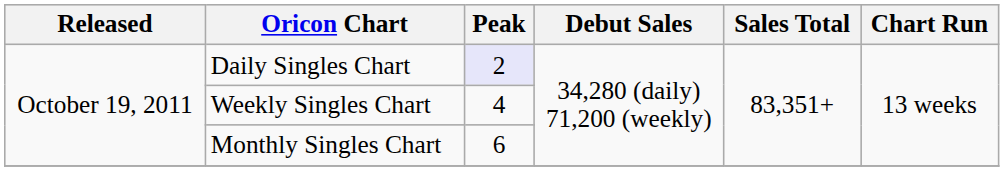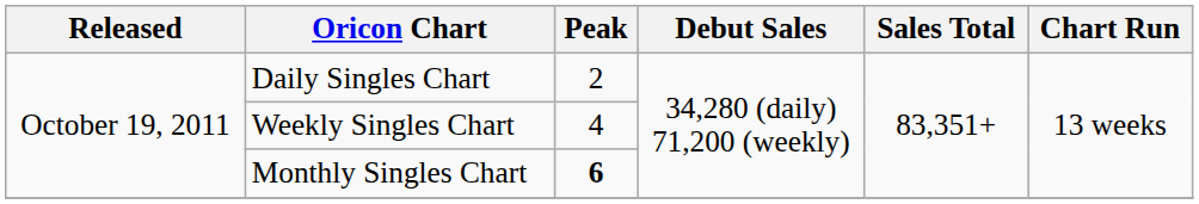 <table class="wikitable" style="width:630px;">
 <tr>
 <th style="text-align:center;">Released</th>
 <th style="text-align:center;"><a href='#'>Oricon</a> Chart</th>
 <th style="text-align:center;">Peak</th>
 <th style="text-align:center;">Debut Sales</th>
 <th style="text-align:center;">Sales Total</th>
 <th style="text-align:center;">Chart Run</th>
 </tr>
 <tr>
 <td style="text-align:center;" rowspan="3">October 19, 2011</td>
 <td align="left">Daily Singles Chart</td>
-<td style="background: lavender; text-align:center;">2</td>
+<td style="text-align:center;">2</td>
 <td style="text-align:center;" rowspan="3">34,280 (daily)<br>71,200 (weekly)</td>
 <td style="text-align:center;" rowspan="3">83,351+</td>
 <td style="text-align:center;" rowspan="3">13 weeks</td>
 </tr>
 <tr>
 <td align="left">Weekly Singles Chart</td>
 <td style="text-align:center;">4</td>
 </tr>
 <tr>
 <td align="left">Monthly Singles Chart</td>
-<td style="text-align:center;">6</td>
+<td style="text-align:center;"><strong>6</strong></td>
 </tr>
 <tr>
 </tr>
 </table>
